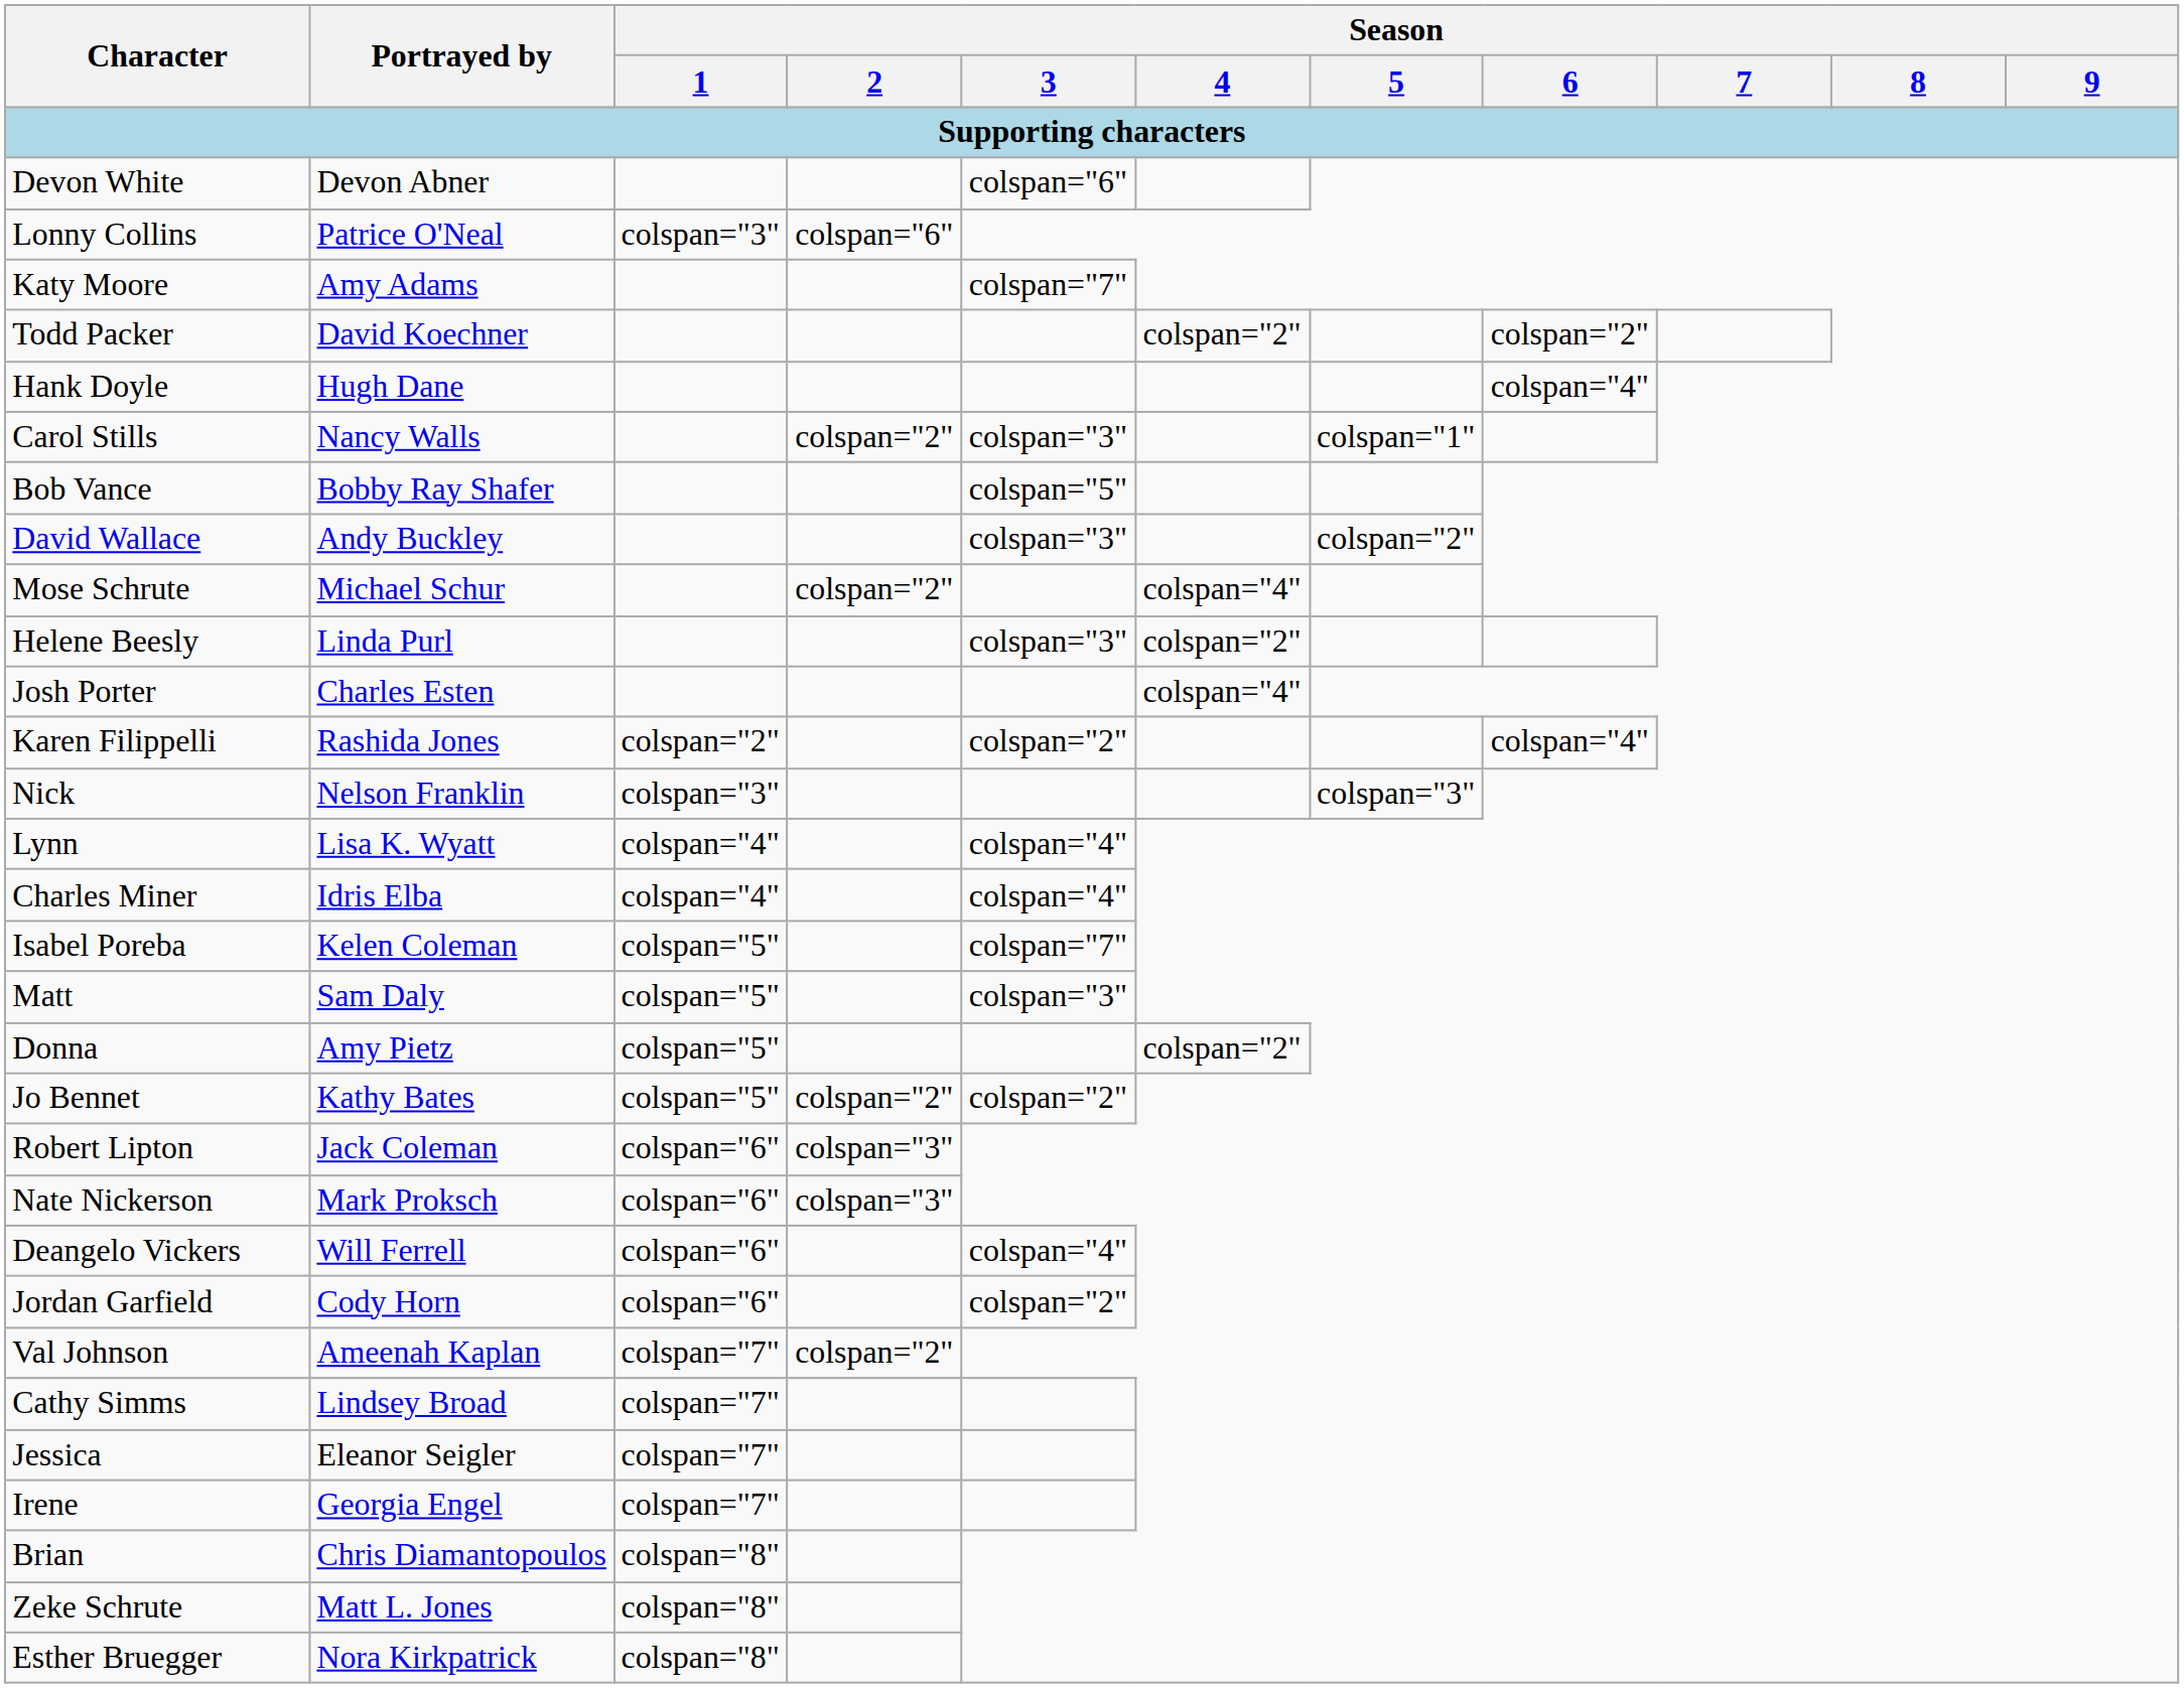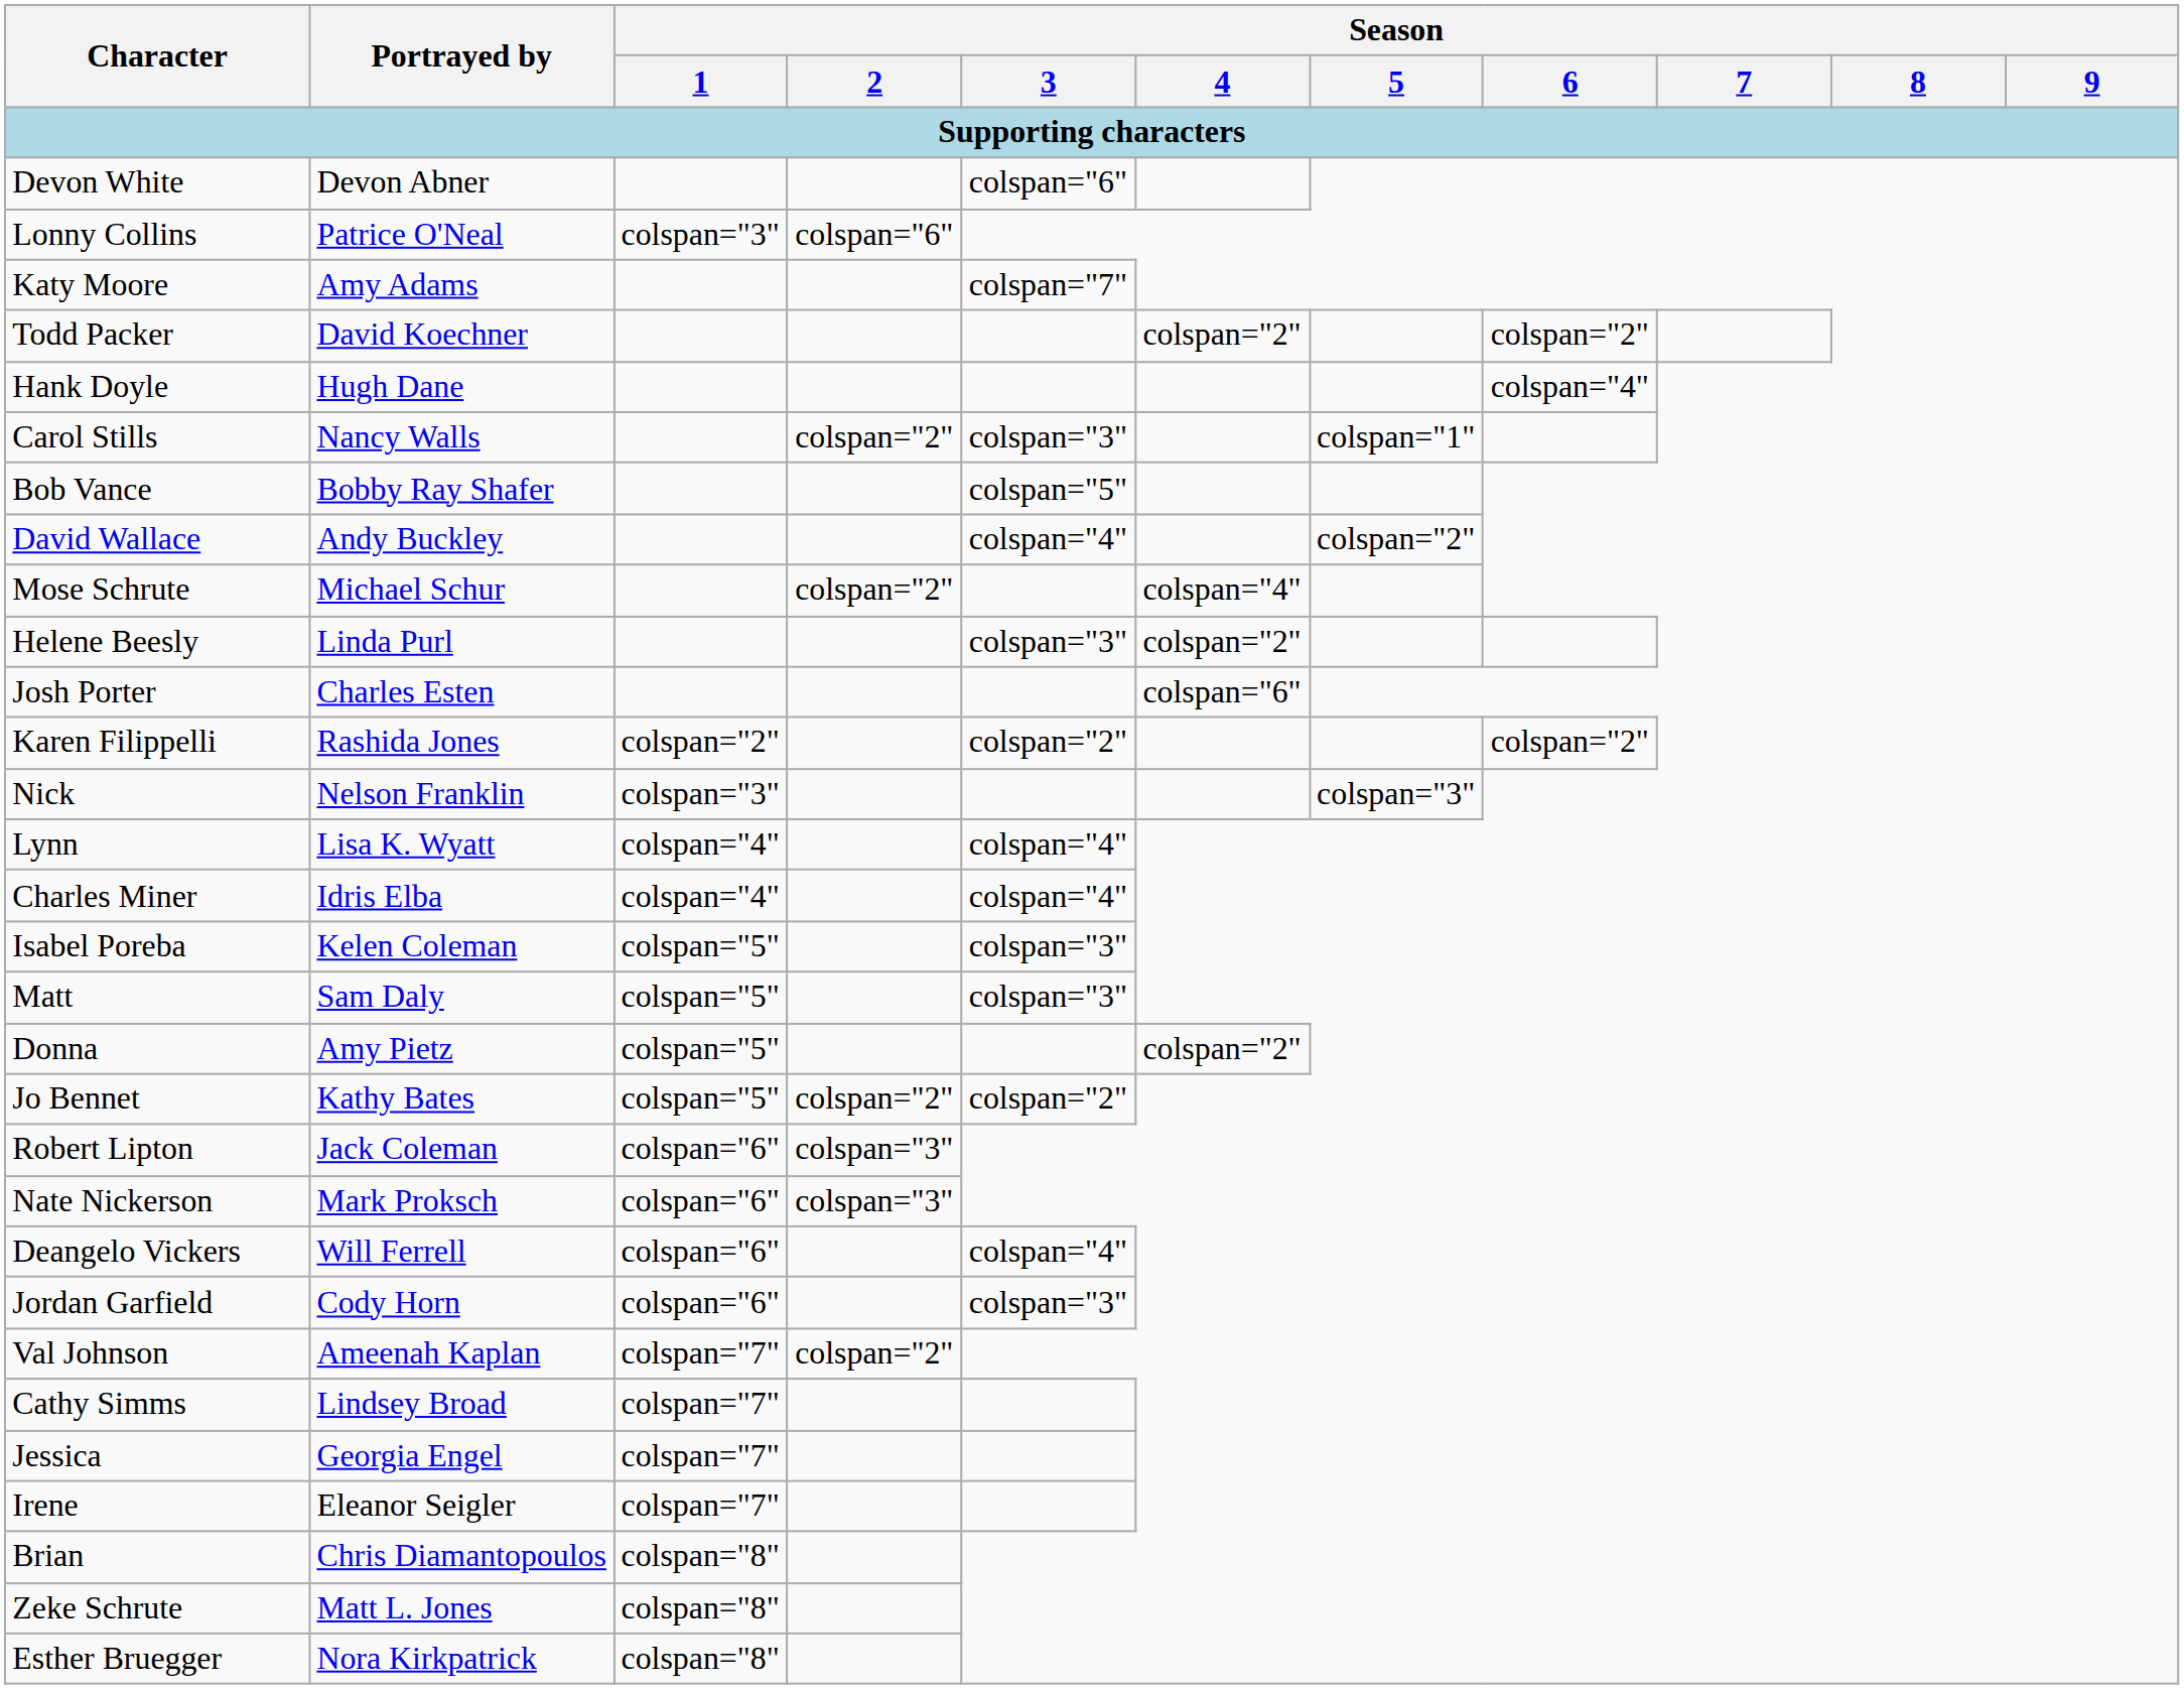 <table class="wikitable">
 <tr>
 <th rowspan="2" style="width:14%;">Character</th>
 <th rowspan="2" style="width:14%;">Portrayed by</th>
 <th colspan="9">Season</th>
 </tr>
 <tr>
 <th style="width:8%;"><a href='#'>1</a></th>
 <th style="width:8%;"><a href='#'>2</a></th>
 <th style="width:8%;"><a href='#'>3</a></th>
 <th style="width:8%;"><a href='#'>4</a></th>
 <th style="width:8%;"><a href='#'>5</a></th>
 <th style="width:8%;"><a href='#'>6</a></th>
 <th style="width:8%;"><a href='#'>7</a></th>
 <th style="width:8%;"><a href='#'>8</a></th>
 <th style="width:8%;"><a href='#'>9</a></th>
 </tr>
 <tr>
 <th colspan="11" style="background:lightblue;">Supporting characters</th>
 </tr>
 <tr>
 <td>Devon White</td>
 <td>Devon Abner</td>
 <td></td>
 <td></td>
 <td>colspan="6" </td>
 <td></td>
 </tr>
 <tr>
 <td>Lonny Collins</td>
 <td><a href='#'>Patrice O'Neal</a></td>
 <td>colspan="3" </td>
 <td>colspan="6" </td>
 </tr>
 <tr>
 <td>Katy Moore</td>
 <td><a href='#'>Amy Adams</a></td>
 <td></td>
 <td></td>
 <td>colspan="7" </td>
 </tr>
 <tr>
 <td>Todd Packer</td>
 <td><a href='#'>David Koechner</a></td>
 <td></td>
 <td></td>
 <td></td>
 <td>colspan="2" </td>
 <td></td>
 <td>colspan="2" </td>
 <td></td>
 </tr>
 <tr>
 <td>Hank Doyle</td>
 <td><a href='#'>Hugh Dane</a></td>
 <td></td>
 <td></td>
 <td></td>
 <td></td>
 <td></td>
 <td>colspan="4" </td>
 </tr>
 <tr>
 <td>Carol Stills</td>
 <td><a href='#'>Nancy Walls</a></td>
 <td></td>
 <td>colspan="2" </td>
 <td>colspan="3" </td>
 <td></td>
 <td>colspan="1" </td>
 <td></td>
 </tr>
 <tr>
 <td>Bob Vance</td>
 <td><a href='#'>Bobby Ray Shafer</a></td>
 <td></td>
 <td></td>
 <td>colspan="5" </td>
 <td></td>
 <td></td>
 </tr>
 <tr>
 <td><a href='#'>David Wallace</a></td>
 <td><a href='#'>Andy Buckley</a></td>
 <td></td>
 <td></td>
-<td>colspan="3" </td>
+<td>colspan="4" </td>
 <td></td>
 <td>colspan="2" </td>
 </tr>
 <tr>
 <td>Mose Schrute</td>
 <td><a href='#'>Michael Schur</a></td>
 <td></td>
 <td>colspan="2" </td>
 <td></td>
 <td>colspan="4" </td>
 <td></td>
 </tr>
 <tr>
 <td>Helene Beesly</td>
 <td><a href='#'>Linda Purl</a></td>
 <td></td>
 <td></td>
 <td>colspan="3" </td>
 <td>colspan="2" </td>
 <td></td>
 <td></td>
 </tr>
 <tr>
 <td>Josh Porter</td>
 <td><a href='#'>Charles Esten</a></td>
 <td></td>
 <td></td>
 <td></td>
-<td>colspan="4" </td>
+<td>colspan="6" </td>
 </tr>
 <tr>
 <td>Karen Filippelli</td>
 <td><a href='#'>Rashida Jones</a></td>
 <td>colspan="2" </td>
 <td></td>
 <td>colspan="2" </td>
 <td></td>
 <td></td>
-<td>colspan="4" </td>
+<td>colspan="2" </td>
 </tr>
 <tr>
 <td>Nick</td>
 <td><a href='#'>Nelson Franklin</a></td>
 <td>colspan="3" </td>
 <td></td>
 <td></td>
 <td></td>
 <td>colspan="3" </td>
 </tr>
 <tr>
 <td>Lynn</td>
 <td><a href='#'>Lisa K. Wyatt</a></td>
 <td>colspan="4" </td>
 <td></td>
 <td>colspan="4" </td>
 </tr>
 <tr>
 <td>Charles Miner</td>
 <td><a href='#'>Idris Elba</a></td>
 <td>colspan="4" </td>
 <td></td>
 <td>colspan="4" </td>
 </tr>
 <tr>
 <td>Isabel Poreba</td>
 <td><a href='#'>Kelen Coleman</a></td>
 <td>colspan="5" </td>
 <td></td>
-<td>colspan="7" </td>
+<td>colspan="3" </td>
 </tr>
 <tr>
 <td>Matt</td>
 <td><a href='#'>Sam Daly</a></td>
 <td>colspan="5" </td>
 <td></td>
 <td>colspan="3" </td>
 </tr>
 <tr>
 <td>Donna</td>
 <td><a href='#'>Amy Pietz</a></td>
 <td>colspan="5" </td>
 <td></td>
 <td></td>
 <td>colspan="2" </td>
 </tr>
 <tr>
 <td>Jo Bennet</td>
 <td><a href='#'>Kathy Bates</a></td>
 <td>colspan="5" </td>
 <td>colspan="2" </td>
 <td>colspan="2" </td>
 </tr>
 <tr>
 <td>Robert Lipton</td>
 <td><a href='#'>Jack Coleman</a></td>
 <td>colspan="6" </td>
 <td>colspan="3" </td>
 </tr>
 <tr>
 <td>Nate Nickerson</td>
 <td><a href='#'>Mark Proksch</a></td>
 <td>colspan="6" </td>
 <td>colspan="3" </td>
 </tr>
 <tr>
 <td>Deangelo Vickers</td>
 <td><a href='#'>Will Ferrell</a></td>
 <td>colspan="6" </td>
 <td></td>
 <td>colspan="4" </td>
 </tr>
 <tr>
 <td>Jordan Garfield</td>
 <td><a href='#'>Cody Horn</a></td>
 <td>colspan="6" </td>
 <td></td>
-<td>colspan="2" </td>
+<td>colspan="3" </td>
 </tr>
 <tr>
 <td>Val Johnson</td>
 <td><a href='#'>Ameenah Kaplan</a></td>
 <td>colspan="7" </td>
 <td>colspan="2" </td>
 </tr>
 <tr>
 <td>Cathy Simms</td>
 <td><a href='#'>Lindsey Broad</a></td>
 <td>colspan="7" </td>
 <td></td>
 <td></td>
 </tr>
 <tr>
 <td>Jessica</td>
-<td>Eleanor Seigler</td>
+<td><a href='#'>Georgia Engel</a></td>
 <td>colspan="7" </td>
 <td></td>
 <td></td>
 </tr>
 <tr>
 <td>Irene</td>
-<td><a href='#'>Georgia Engel</a></td>
+<td>Eleanor Seigler</td>
 <td>colspan="7" </td>
 <td></td>
 <td></td>
 </tr>
 <tr>
 <td>Brian</td>
 <td><a href='#'>Chris Diamantopoulos</a></td>
 <td>colspan="8" </td>
 <td></td>
 </tr>
 <tr>
 <td>Zeke Schrute</td>
 <td><a href='#'>Matt L. Jones</a></td>
 <td>colspan="8" </td>
 <td></td>
 </tr>
 <tr>
 <td>Esther Bruegger</td>
 <td><a href='#'>Nora Kirkpatrick</a></td>
 <td>colspan="8" </td>
 <td></td>
 </tr>
 </table>
